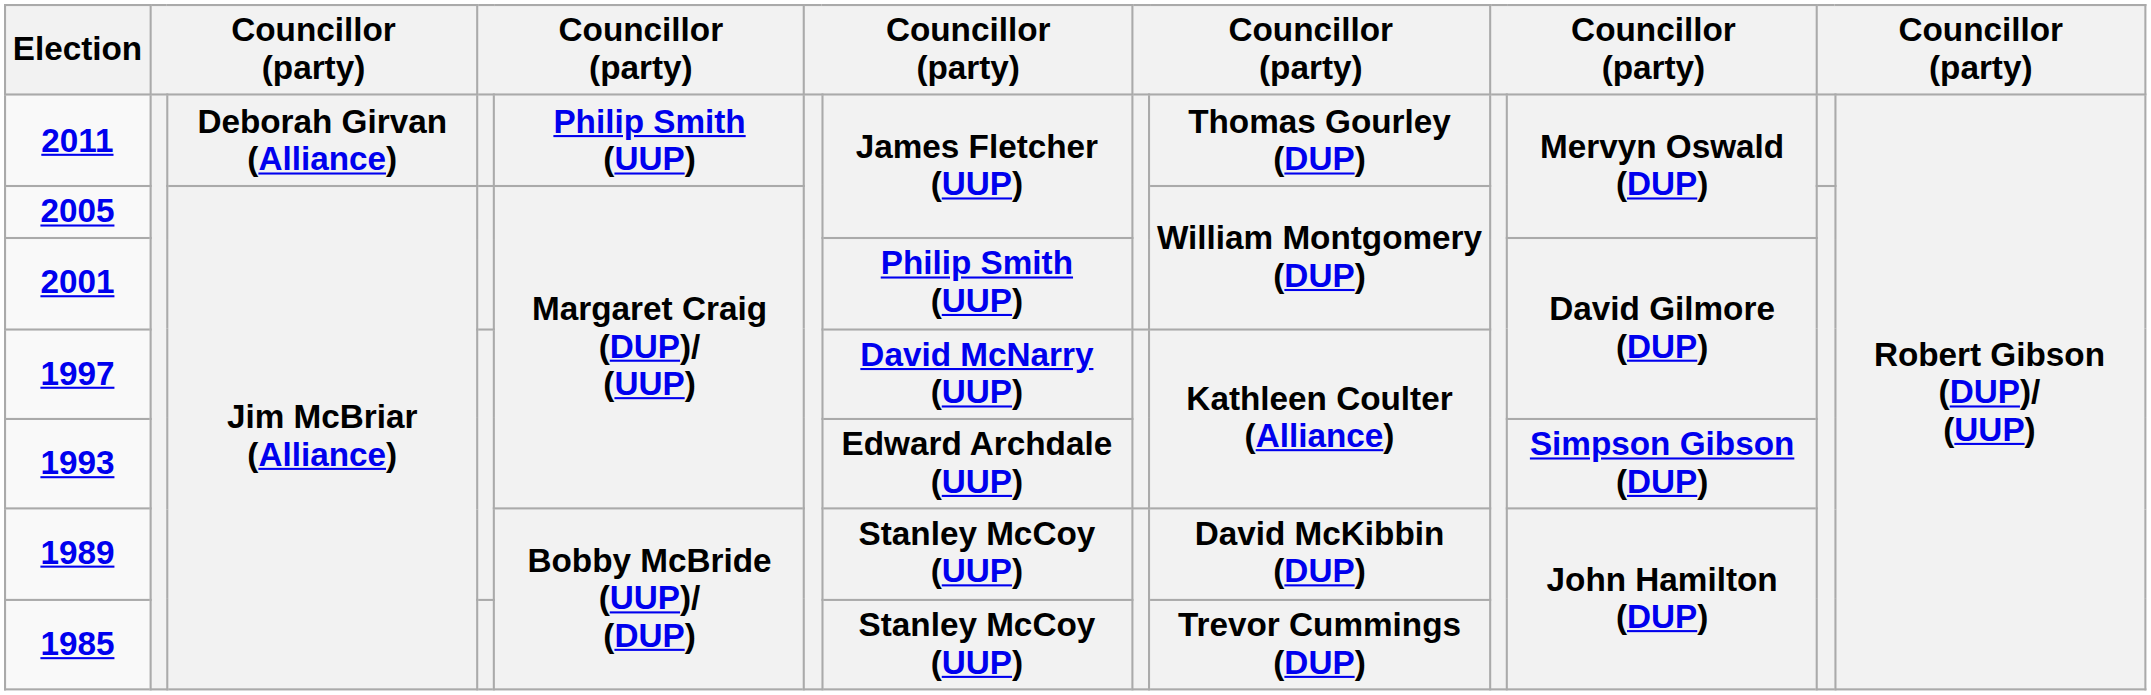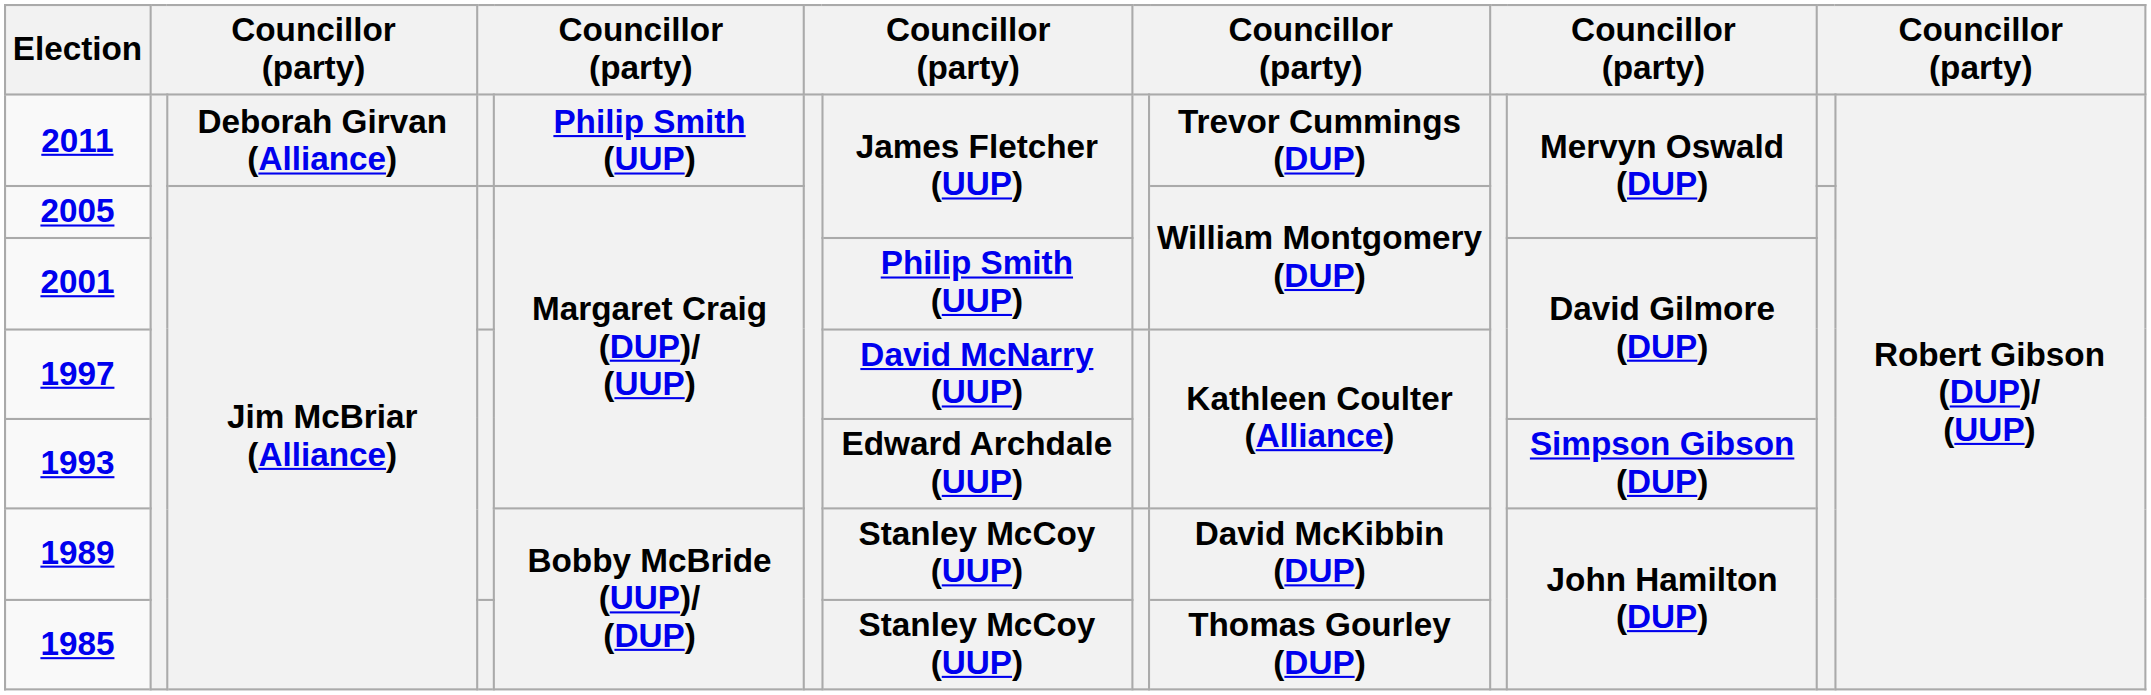 <table class="wikitable" style="text-align:center">
 <tr>
 <th scope="col" width="50">Election</th>
 <th scope="col" width="150" colspan = "2">Councillor<br> (party)</th>
 <th scope="col" width="150" colspan = "2">Councillor<br> (party)</th>
 <th scope="col" width="150" colspan = "2">Councillor<br> (party)</th>
 <th scope="col" width="150" colspan = "2">Councillor<br> (party)</th>
 <th scope="col" width="150" colspan = "2">Councillor<br> (party)</th>
 <th scope="col" width="150" colspan = "2">Councillor<br> (party)</th>
 </tr>
 <tr>
 <td><strong><a href='#'>2011</a></strong></td>
 <th rowspan="7" width="1" style="background-color: "></th>
 <th rowspan = "1">Deborah Girvan <br> (<a href='#'>Alliance</a>)</th>
 <th rowspan="1" width="1" style="background-color: "></th>
 <th rowspan = "1"><a href='#'>Philip Smith</a> <br> (<a href='#'>UUP</a>)</th>
 <th rowspan="7" width="1" style="background-color: "></th>
 <th rowspan = "2">James Fletcher <br> (<a href='#'>UUP</a>)</th>
 <th rowspan="3" width="1" style="background-color: "></th>
-<th rowspan = "1">Thomas Gourley <br> (<a href='#'>DUP</a>)</th>
+<th rowspan = "1">Trevor Cummings <br> (<a href='#'>DUP</a>)</th>
 <th rowspan="7" width="1" style="background-color: "></th>
 <th rowspan = "2">Mervyn Oswald <br> (<a href='#'>DUP</a>)</th>
 <th rowspan="1" width="1" style="background-color: "></th>
 <th rowspan = "7">Robert Gibson <br> (<a href='#'>DUP</a>)/ <br> (<a href='#'>UUP</a>)</th>
 </tr>
 <tr>
 <td><strong><a href='#'>2005</a></strong></td>
 <th rowspan = "6">Jim McBriar <br> (<a href='#'>Alliance</a>)</th>
 <th rowspan="2" width="1" style="background-color: "></th>
 <th rowspan = "4">Margaret Craig <br> (<a href='#'>DUP</a>)/ <br> (<a href='#'>UUP</a>)</th>
 <th rowspan = "2">William Montgomery <br> (<a href='#'>DUP</a>)</th>
 <th rowspan="6" width="1" style="background-color: "></th>
 </tr>
 <tr>
 <td><strong><a href='#'>2001</a></strong></td>
 <th rowspan = "1"><a href='#'>Philip Smith</a> <br> (<a href='#'>UUP</a>)</th>
 <th rowspan = "2">David Gilmore <br> (<a href='#'>DUP</a>)</th>
 </tr>
 <tr>
 <td><strong><a href='#'>1997</a></strong></td>
 <th rowspan="3" width="1" style="background-color: "></th>
 <th rowspan = "1"><a href='#'>David McNarry</a> <br> (<a href='#'>UUP</a>)</th>
 <th rowspan="2" width="1" style="background-color: "></th>
 <th rowspan = "2">Kathleen Coulter <br> (<a href='#'>Alliance</a>)</th>
 </tr>
 <tr>
 <td><strong><a href='#'>1993</a></strong></td>
 <th rowspan = "1">Edward Archdale <br> (<a href='#'>UUP</a>)</th>
 <th rowspan = "1"><a href='#'>Simpson Gibson</a> <br> (<a href='#'>DUP</a>)</th>
 </tr>
 <tr>
 <td><strong><a href='#'>1989</a></strong></td>
 <th rowspan = "2">Bobby McBride <br> (<a href='#'>UUP</a>)/ <br> (<a href='#'>DUP</a>)</th>
 <th rowspan = "1">Stanley McCoy <br> (<a href='#'>UUP</a>)</th>
 <th rowspan="2" width="1" style="background-color: "></th>
 <th rowspan = "1">David McKibbin <br> (<a href='#'>DUP</a>)</th>
 <th rowspan = "2">John Hamilton <br> (<a href='#'>DUP</a>)</th>
 </tr>
 <tr>
 <td><strong><a href='#'>1985</a></strong></td>
 <th rowspan="1" width="1" style="background-color: "></th>
 <th rowspan = "1">Stanley McCoy <br> (<a href='#'>UUP</a>)</th>
-<th rowspan = "1">Trevor Cummings <br> (<a href='#'>DUP</a>)</th>
+<th rowspan = "1">Thomas Gourley <br> (<a href='#'>DUP</a>)</th>
 </tr>
 </table>
